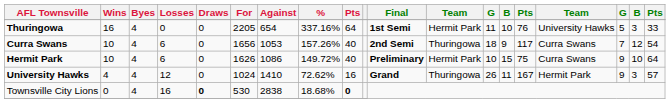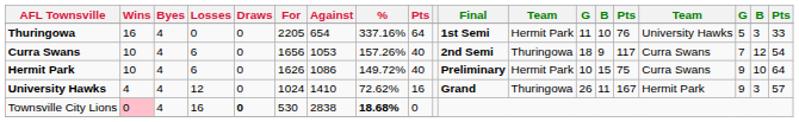 <table class="wikitable" style="font-size: 85%; text-align: left">
 <tr>
 <th style="color:crimson">AFL Townsville</th>
 <th style="color:crimson">Wins</th>
 <th style="color:crimson">Byes</th>
 <th style="color:crimson">Losses</th>
 <th style="color:crimson">Draws</th>
 <th style="color:crimson">For</th>
 <th style="color:crimson">Against</th>
 <th style="color:crimson">%</th>
 <th style="color:crimson">Pts</th>
 <th></th>
 <th style="color:green">Final</th>
 <th style="color:green">Team</th>
 <th style="color:green">G</th>
 <th style="color:green">B</th>
 <th style="color:green">Pts</th>
 <th style="color:green">Team</th>
 <th style="color:green">G</th>
 <th style="color:green">B</th>
 <th style="color:green">Pts</th>
 </tr>
 <tr>
 </tr>
 <tr>
 </tr>
 <tr>
 <td><strong>	Thuringowa	</strong></td>
 <td>16</td>
 <td>4</td>
 <td>0</td>
 <td>0</td>
 <td>2205</td>
 <td>654</td>
 <td>337.16%</td>
 <td>64</td>
 <td></td>
 <td><strong>1st Semi</strong></td>
 <td>Hermit Park</td>
 <td>11</td>
 <td>10</td>
 <td>76</td>
 <td>University Hawks</td>
 <td>5</td>
 <td>3</td>
 <td>33</td>
 </tr>
 <tr>
 <td><strong>	Curra Swans	</strong></td>
 <td>10</td>
 <td>4</td>
 <td>6</td>
 <td>0</td>
 <td>1656</td>
 <td>1053</td>
 <td>157.26%</td>
 <td>40</td>
 <td></td>
 <td><strong>2nd Semi</strong></td>
 <td>Thuringowa</td>
 <td>18</td>
 <td>9</td>
 <td>117</td>
 <td>Curra Swans</td>
 <td>7</td>
 <td>12</td>
 <td>54</td>
 </tr>
 <tr>
 <td><strong>	Hermit Park	</strong></td>
 <td>10</td>
 <td>4</td>
 <td>6</td>
 <td>0</td>
 <td>1626</td>
 <td>1086</td>
 <td>149.72%</td>
 <td>40</td>
 <td></td>
 <td><strong>Preliminary</strong></td>
 <td>Hermit Park</td>
 <td>10</td>
 <td>15</td>
 <td>75</td>
 <td>Curra Swans</td>
 <td>9</td>
 <td>10</td>
 <td>64</td>
 </tr>
 <tr>
 <td><strong>	University Hawks	</strong></td>
 <td>4</td>
 <td>4</td>
 <td>12</td>
 <td>0</td>
 <td>1024</td>
 <td>1410</td>
 <td>72.62%</td>
 <td>16</td>
 <td></td>
 <td><strong>Grand</strong></td>
 <td>Thuringowa</td>
 <td>26</td>
 <td>11</td>
 <td>167</td>
 <td>Hermit Park</td>
 <td>9</td>
 <td>3</td>
 <td>57</td>
 </tr>
 <tr>
 <td>Townsville City Lions</td>
-<td>0</td>
+<td style="background: pink;">0</td>
 <td>4</td>
 <td>16</td>
 <td><strong>0</strong></td>
 <td>530</td>
 <td>2838</td>
-<td>18.68%</td>
-<td><strong>0</strong></td>
+<td><strong>18.68%</strong></td>
+<td>0</td>
 <td></td>
 </tr>
 <tr>
 </tr>
 </table>
